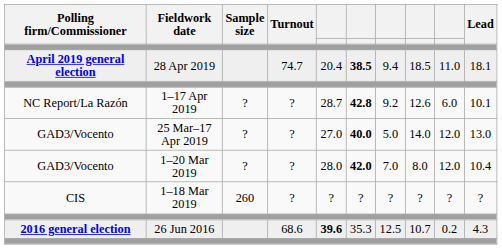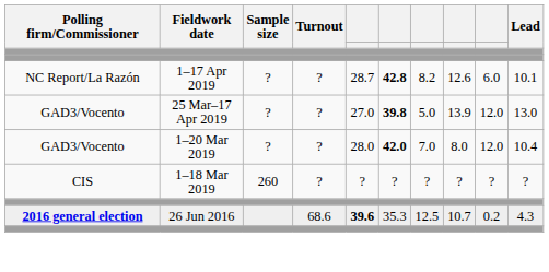 <table class="wikitable collapsible collapsed" style="text-align:center; font-size:95%; line-height:16px;">
 <tr style="height:42px;">
 <th style="width:250px;" rowspan="2">Polling firm/Commissioner</th>
 <th style="width:125px;" rowspan="2">Fieldwork date</th>
 <th style="width:50px;" rowspan="2">Sample size</th>
 <th style="width:45px;" rowspan="2">Turnout</th>
 <th style="width:35px;"></th>
 <th style="width:35px;"></th>
 <th style="width:35px;"></th>
 <th style="width:35px;"></th>
 <th style="width:35px;"></th>
 <th style="width:30px;" rowspan="2">Lead</th>
 </tr>
 <tr>
 <th style="color:inherit;background:"></th>
 <th style="color:inherit;background:"></th>
 <th style="color:inherit;background:"></th>
 <th style="color:inherit;background:"></th>
 <th style="color:inherit;background:"></th>
 </tr>
 <tr>
 <td colspan="10" style="background:#A0A0A0"></td>
 </tr>
-<tr style="background:#EFEFEF;">
-<td><strong><a href='#'>April 2019 general election</a></strong></td>
-<td>28 Apr 2019</td>
-<td></td>
-<td>74.7</td>
-<td>20.4<br></td>
-<td><strong>38.5</strong><br></td>
-<td>9.4<br></td>
-<td>18.5<br></td>
-<td>11.0<br></td>
-<td style="background:">18.1</td>
-</tr>
 <tr>
 <td colspan="10" style="background:#A0A0A0"></td>
 </tr>
 <tr>
 <td>NC Report/La Razón</td>
 <td>1–17 Apr 2019</td>
 <td>?</td>
 <td>?</td>
 <td>28.7<br></td>
 <td><strong>42.8</strong><br></td>
-<td>9.2<br></td>
+<td>8.2<br></td>
 <td>12.6<br></td>
 <td>6.0<br></td>
 <td style="background:">10.1</td>
 </tr>
 <tr>
 <td>GAD3/Vocento</td>
 <td>25 Mar–17 Apr 2019</td>
 <td>?</td>
 <td>?</td>
 <td>27.0<br></td>
-<td><strong>40.0</strong><br></td>
+<td><strong>39.8</strong><br></td>
 <td>5.0<br></td>
-<td>14.0<br></td>
+<td>13.9<br></td>
 <td>12.0<br></td>
 <td style="background:">13.0</td>
 </tr>
 <tr>
 <td>GAD3/Vocento</td>
 <td>1–20 Mar 2019</td>
 <td>?</td>
 <td>?</td>
 <td>28.0<br></td>
 <td><strong>42.0</strong><br></td>
 <td>7.0<br></td>
 <td>8.0<br></td>
 <td>12.0<br></td>
 <td style="background:">10.4</td>
 </tr>
 <tr>
 <td>CIS</td>
 <td>1–18 Mar 2019</td>
 <td>260</td>
 <td>?</td>
 <td>?<br></td>
 <td>?<br></td>
 <td>?<br></td>
 <td>?<br></td>
 <td>?<br></td>
 <td style="background:">?</td>
 </tr>
 <tr>
 <td colspan="10" style="background:#A0A0A0"></td>
 </tr>
 <tr style="background:#EFEFEF;">
 <td><strong><a href='#'>2016 general election</a></strong></td>
 <td>26 Jun 2016</td>
 <td></td>
 <td>68.6</td>
 <td><strong>39.6</strong><br></td>
 <td>35.3<br></td>
 <td>12.5<br></td>
 <td>10.7<br></td>
 <td>0.2<br></td>
 <td style="background:">4.3</td>
 </tr>
 <tr>
 <td colspan="10" style="background:#A0A0A0"></td>
 </tr>
 </table>
